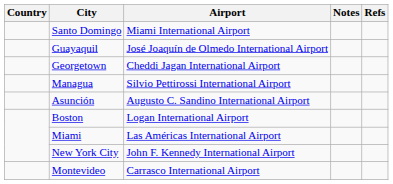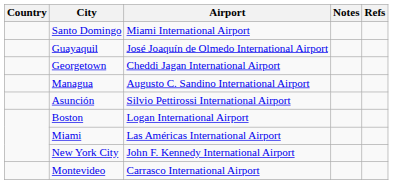 <table class="sortable wikitable">
 <tr>
 <th>Country</th>
 <th>City</th>
 <th>Airport</th>
 <th>Notes</th>
 <th class=unsortable>Refs</th>
 </tr>
 <tr>
 <td></td>
 <td><a href='#'>Santo Domingo</a></td>
 <td><a href='#'>Miami International Airport</a></td>
 <td></td>
 <td></td>
 </tr>
 <tr>
 <td></td>
 <td><a href='#'>Guayaquil</a></td>
 <td><a href='#'>José Joaquín de Olmedo International Airport</a></td>
 <td></td>
 <td></td>
 </tr>
 <tr>
 <td></td>
 <td><a href='#'>Georgetown</a></td>
 <td><a href='#'>Cheddi Jagan International Airport</a></td>
 <td></td>
 <td></td>
 </tr>
 <tr>
 <td></td>
 <td><a href='#'>Managua</a></td>
-<td><a href='#'>Silvio Pettirossi International Airport</a></td>
+<td><a href='#'>Augusto C. Sandino International Airport</a></td>
 <td></td>
 <td></td>
 </tr>
 <tr>
 <td></td>
 <td><a href='#'>Asunción</a></td>
-<td><a href='#'>Augusto C. Sandino International Airport</a></td>
+<td><a href='#'>Silvio Pettirossi International Airport</a></td>
 <td></td>
 <td></td>
 </tr>
 <tr>
 <td rowspan=3></td>
 <td><a href='#'>Boston</a></td>
 <td><a href='#'>Logan International Airport</a></td>
 <td></td>
 <td></td>
 </tr>
 <tr>
 <td><a href='#'>Miami</a></td>
 <td><a href='#'>Las Américas International Airport</a></td>
 <td></td>
 <td></td>
 </tr>
 <tr>
 <td><a href='#'>New York City</a></td>
 <td><a href='#'>John F. Kennedy International Airport</a></td>
 <td></td>
 <td></td>
 </tr>
 <tr>
 <td></td>
 <td><a href='#'>Montevideo</a></td>
 <td><a href='#'>Carrasco International Airport</a></td>
 <td></td>
 <td></td>
 </tr>
 </table>
